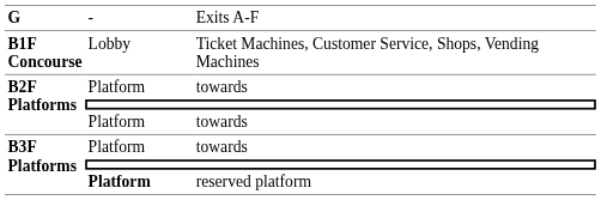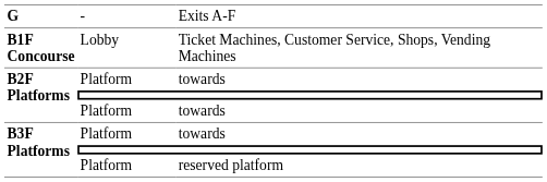 <table table border=0 cellspacing=0 cellpadding=3>
 <tr>
 <td style="border-top:solid 1px gray;" width=50 valign=top><strong>G</strong></td>
 <td style="border-top:solid 1px gray;" width=100 valign=top>-</td>
 <td style="border-top:solid 1px gray;" width=390 valign=top>Exits A-F</td>
 </tr>
 <tr>
 <td style="border-bottom:solid 1px gray; border-top:solid 1px gray;" valign=top width=50><strong>B1F<br>Concourse</strong></td>
 <td style="border-bottom:solid 1px gray; border-top:solid 1px gray;" valign=top width=100>Lobby</td>
 <td style="border-bottom:solid 1px gray; border-top:solid 1px gray;" valign=top width=390>Ticket Machines, Customer Service, Shops, Vending Machines</td>
 </tr>
 <tr>
 <td style="border-bottom:solid 1px gray;" rowspan="3" valign=top><strong>B2F<br> Platforms</strong></td>
 <td>Platform</td>
 <td>  towards  </td>
 </tr>
 <tr>
 <td style="border-right:solid 2px black;border-left:solid 2px black;border-top:solid 2px black;border-bottom:solid 2px black;text-align:center;" colspan=2></td>
 </tr>
 <tr>
 <td style="border-bottom:solid 1px gray;">Platform</td>
 <td style="border-bottom:solid 1px gray;">  towards   </td>
 </tr>
 <tr>
 <td style="border-bottom:solid 1px gray;" rowspan="3" valign=top><strong>B3F<br> Platforms</strong></td>
 <td>Platform</td>
 <td>  towards  </td>
 </tr>
 <tr>
 <td style="border-right:solid 2px black;border-left:solid 2px black;border-top:solid 2px black;border-bottom:solid 2px black;text-align:center;" colspan=2></td>
 </tr>
 <tr>
-<td style="border-bottom:solid 1px gray;"><strong>Platform</strong></td>
+<td style="border-bottom:solid 1px gray;">Platform</td>
 <td style="border-bottom:solid 1px gray;">  reserved platform </td>
 </tr>
 </table>
